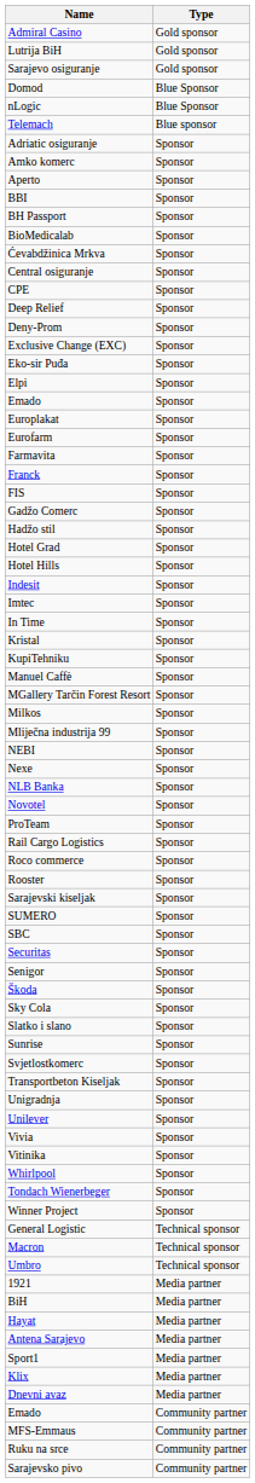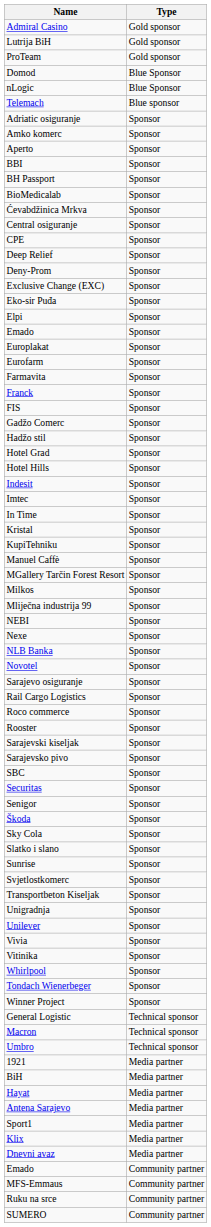 <table class="wikitable collapsible collapsed" style="text-align: left">
 <tr>
 <th>Name</th>
 <th>Type</th>
 </tr>
 <tr>
 <td> <a href='#'>Admiral Casino</a></td>
 <td>Gold sponsor</td>
 </tr>
 <tr>
 <td> Lutrija BiH</td>
 <td>Gold sponsor</td>
 </tr>
 <tr>
-<td> Sarajevo osiguranje</td>
+<td> ProTeam</td>
 <td>Gold sponsor</td>
 </tr>
 <tr>
 <td> Domod</td>
 <td>Blue Sponsor</td>
 </tr>
 <tr>
 <td> nLogic</td>
 <td>Blue Sponsor</td>
 </tr>
 <tr>
 <td> <a href='#'>Telemach</a></td>
 <td>Blue sponsor</td>
 </tr>
 <tr>
 <td> Adriatic osiguranje</td>
 <td>Sponsor</td>
 </tr>
 <tr>
 <td> Amko komerc</td>
 <td>Sponsor</td>
 </tr>
 <tr>
 <td> Aperto</td>
 <td>Sponsor</td>
 </tr>
 <tr>
 <td> BBI</td>
 <td>Sponsor</td>
 </tr>
 <tr>
 <td> BH Passport</td>
 <td>Sponsor</td>
 </tr>
 <tr>
 <td> BioMedicalab</td>
 <td>Sponsor</td>
 </tr>
 <tr>
 <td> Ćevabdžinica Mrkva</td>
 <td>Sponsor</td>
 </tr>
 <tr>
 <td> Central osiguranje</td>
 <td>Sponsor</td>
 </tr>
 <tr>
 <td> CPE</td>
 <td>Sponsor</td>
 </tr>
 <tr>
 <td> Deep Relief</td>
 <td>Sponsor</td>
 </tr>
 <tr>
 <td> Deny-Prom</td>
 <td>Sponsor</td>
 </tr>
 <tr>
 <td> Exclusive Change (EXC)</td>
 <td>Sponsor</td>
 </tr>
 <tr>
 <td> Eko-sir Puđa</td>
 <td>Sponsor</td>
 </tr>
 <tr>
 <td> Elpi</td>
 <td>Sponsor</td>
 </tr>
 <tr>
 <td> Emado</td>
 <td>Sponsor</td>
 </tr>
 <tr>
 <td> Europlakat</td>
 <td>Sponsor</td>
 </tr>
 <tr>
 <td> Eurofarm</td>
 <td>Sponsor</td>
 </tr>
 <tr>
 <td> Farmavita</td>
 <td>Sponsor</td>
 </tr>
 <tr>
 <td> <a href='#'>Franck</a></td>
 <td>Sponsor</td>
 </tr>
 <tr>
 <td> FIS</td>
 <td>Sponsor</td>
 </tr>
 <tr>
 <td> Gadžo Comerc</td>
 <td>Sponsor</td>
 </tr>
 <tr>
 <td> Hadžo stil</td>
 <td>Sponsor</td>
 </tr>
 <tr>
 <td> Hotel Grad</td>
 <td>Sponsor</td>
 </tr>
 <tr>
 <td> Hotel Hills</td>
 <td>Sponsor</td>
 </tr>
 <tr>
 <td> <a href='#'>Indesit</a></td>
 <td>Sponsor</td>
 </tr>
 <tr>
 <td> Imtec</td>
 <td>Sponsor</td>
 </tr>
 <tr>
 <td> In Time</td>
 <td>Sponsor</td>
 </tr>
 <tr>
 <td> Kristal</td>
 <td>Sponsor</td>
 </tr>
 <tr>
 <td> KupiTehniku</td>
 <td>Sponsor</td>
 </tr>
 <tr>
 <td> Manuel Caffè</td>
 <td>Sponsor</td>
 </tr>
 <tr>
 <td> MGallery Tarčin Forest Resort</td>
 <td>Sponsor</td>
 </tr>
 <tr>
 <td> Milkos</td>
 <td>Sponsor</td>
 </tr>
 <tr>
 <td> Mliječna industrija 99</td>
 <td>Sponsor</td>
 </tr>
 <tr>
 <td> NEBI</td>
 <td>Sponsor</td>
 </tr>
 <tr>
 <td> Nexe</td>
 <td>Sponsor</td>
 </tr>
 <tr>
 <td> <a href='#'>NLB Banka</a></td>
 <td>Sponsor</td>
 </tr>
 <tr>
 <td> <a href='#'>Novotel</a></td>
 <td>Sponsor</td>
 </tr>
 <tr>
-<td> ProTeam</td>
+<td> Sarajevo osiguranje</td>
 <td>Sponsor</td>
 </tr>
 <tr>
 <td> Rail Cargo Logistics</td>
 <td>Sponsor</td>
 </tr>
 <tr>
 <td> Roco commerce</td>
 <td>Sponsor</td>
 </tr>
 <tr>
 <td> Rooster</td>
 <td>Sponsor</td>
 </tr>
 <tr>
 <td> Sarajevski kiseljak</td>
 <td>Sponsor</td>
 </tr>
 <tr>
-<td> SUMERO</td>
+<td> Sarajevsko pivo</td>
 <td>Sponsor</td>
 </tr>
 <tr>
 <td> SBC</td>
 <td>Sponsor</td>
 </tr>
 <tr>
 <td> <a href='#'>Securitas</a></td>
 <td>Sponsor</td>
 </tr>
 <tr>
 <td> Senigor</td>
 <td>Sponsor</td>
 </tr>
 <tr>
 <td> <a href='#'>Škoda</a></td>
 <td>Sponsor</td>
 </tr>
 <tr>
 <td> Sky Cola</td>
 <td>Sponsor</td>
 </tr>
 <tr>
 <td> Slatko i slano</td>
 <td>Sponsor</td>
 </tr>
 <tr>
 <td> Sunrise</td>
 <td>Sponsor</td>
 </tr>
 <tr>
 <td> Svjetlostkomerc</td>
 <td>Sponsor</td>
 </tr>
 <tr>
 <td> Transportbeton Kiseljak</td>
 <td>Sponsor</td>
 </tr>
 <tr>
 <td> Unigradnja</td>
 <td>Sponsor</td>
 </tr>
 <tr>
 <td> <a href='#'>Unilever</a></td>
 <td>Sponsor</td>
 </tr>
 <tr>
 <td> Vivia</td>
 <td>Sponsor</td>
 </tr>
 <tr>
 <td> Vitinika</td>
 <td>Sponsor</td>
 </tr>
 <tr>
 <td> <a href='#'>Whirlpool</a></td>
 <td>Sponsor</td>
 </tr>
 <tr>
 <td> <a href='#'>Tondach Wienerbeger</a></td>
 <td>Sponsor</td>
 </tr>
 <tr>
 <td> Winner Project</td>
 <td>Sponsor</td>
 </tr>
 <tr>
 <td> General Logistic</td>
 <td>Technical sponsor</td>
 </tr>
 <tr>
 <td> <a href='#'>Macron</a></td>
 <td>Technical sponsor</td>
 </tr>
 <tr>
 <td> <a href='#'>Umbro</a></td>
 <td>Technical sponsor</td>
 </tr>
 <tr>
 <td> 1921</td>
 <td>Media partner</td>
 </tr>
 <tr>
 <td> BiH</td>
 <td>Media partner</td>
 </tr>
 <tr>
 <td> <a href='#'>Hayat</a></td>
 <td>Media partner</td>
 </tr>
 <tr>
 <td> <a href='#'>Antena Sarajevo</a></td>
 <td>Media partner</td>
 </tr>
 <tr>
 <td> Sport1</td>
 <td>Media partner</td>
 </tr>
 <tr>
 <td> <a href='#'>Klix</a></td>
 <td>Media partner</td>
 </tr>
 <tr>
 <td> <a href='#'>Dnevni avaz</a></td>
 <td>Media partner</td>
 </tr>
 <tr>
 <td> Emado</td>
 <td>Community partner</td>
 </tr>
 <tr>
 <td> MFS-Emmaus</td>
 <td>Community partner</td>
 </tr>
 <tr>
 <td> Ruku na srce</td>
 <td>Community partner</td>
 </tr>
 <tr>
-<td> Sarajevsko pivo</td>
+<td> SUMERO</td>
 <td>Community partner</td>
 </tr>
 </table>
